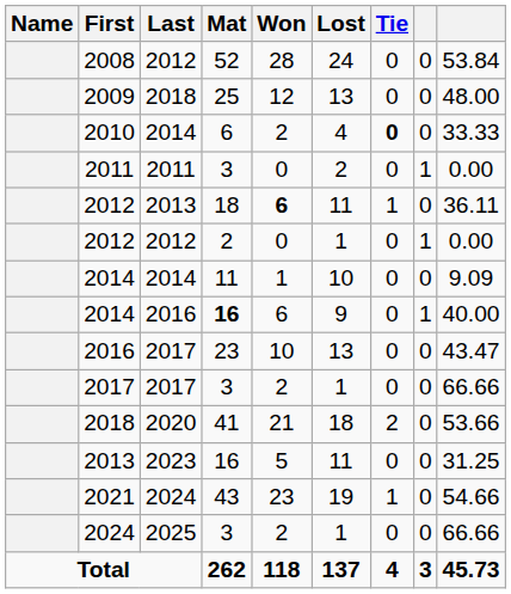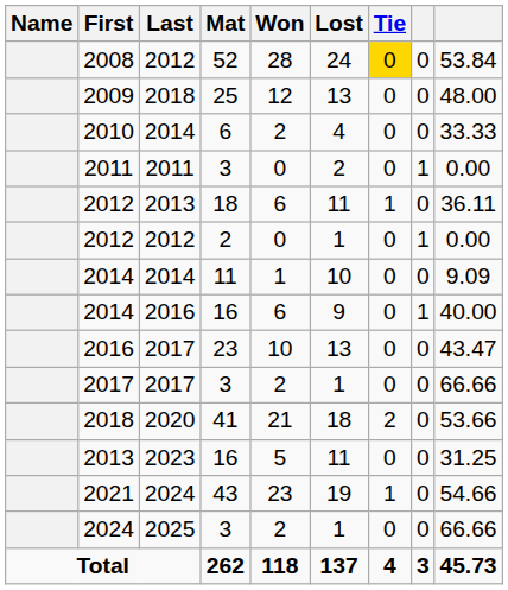 <table class="wikitable plainrowheaders sortable">
 <tr>
 <th scope="col">Name</th>
 <th scope="col">First</th>
 <th scope="col">Last</th>
 <th scope="col">Mat</th>
 <th scope="col">Won</th>
 <th scope="col">Lost</th>
 <th scope="col"><a href='#'>Tie</a></th>
 <th scope="col"><a href='#'></a></th>
 <th scope="col"></th>
 </tr>
 <tr align=center>
 <th scope="row"></th>
 <td>2008</td>
 <td>2012</td>
 <td>52</td>
 <td>28</td>
 <td>24</td>
-<td>0</td>
+<td style="background: gold;">0</td>
 <td>0</td>
 <td>53.84</td>
 </tr>
 <tr align=center>
 <th scope="row"></th>
 <td>2009</td>
 <td>2018</td>
 <td>25</td>
 <td>12</td>
 <td>13</td>
 <td>0</td>
 <td>0</td>
 <td>48.00</td>
 </tr>
 <tr align=center>
 <th scope="row"></th>
 <td>2010</td>
 <td>2014</td>
 <td>6</td>
 <td>2</td>
 <td>4</td>
-<td><strong>0</strong></td>
+<td>0</td>
 <td>0</td>
 <td>33.33</td>
 </tr>
 <tr align=center>
 <th scope="row"></th>
 <td>2011</td>
 <td>2011</td>
 <td>3</td>
 <td>0</td>
 <td>2</td>
 <td>0</td>
 <td>1</td>
 <td>0.00</td>
 </tr>
 <tr align=center>
 <th scope="row"></th>
 <td>2012</td>
 <td>2013</td>
 <td>18</td>
-<td><strong>6</strong></td>
+<td>6</td>
 <td>11</td>
 <td>1</td>
 <td>0</td>
 <td>36.11</td>
 </tr>
 <tr align=center>
 <th scope="row"></th>
 <td>2012</td>
 <td>2012</td>
 <td>2</td>
 <td>0</td>
 <td>1</td>
 <td>0</td>
 <td>1</td>
 <td>0.00</td>
 </tr>
 <tr align=center>
 <th scope="row"></th>
 <td>2014</td>
 <td>2014</td>
 <td>11</td>
 <td>1</td>
 <td>10</td>
 <td>0</td>
 <td>0</td>
 <td>9.09</td>
 </tr>
 <tr align=center>
 <th scope="row"></th>
 <td>2014</td>
 <td>2016</td>
-<td><strong>16</strong></td>
+<td>16</td>
 <td>6</td>
 <td>9</td>
 <td>0</td>
 <td>1</td>
 <td>40.00</td>
 </tr>
 <tr align=center>
 <th scope="row"></th>
 <td>2016</td>
 <td>2017</td>
 <td>23</td>
 <td>10</td>
 <td>13</td>
 <td>0</td>
 <td>0</td>
 <td>43.47</td>
 </tr>
 <tr align=center>
 <th scope="row"></th>
 <td>2017</td>
 <td>2017</td>
 <td>3</td>
 <td>2</td>
 <td>1</td>
 <td>0</td>
 <td>0</td>
 <td>66.66</td>
 </tr>
 <tr align=center>
 <th scope="row"></th>
 <td>2018</td>
 <td>2020</td>
 <td>41</td>
 <td>21</td>
 <td>18</td>
 <td>2</td>
 <td>0</td>
 <td>53.66</td>
 </tr>
 <tr align=center>
 <th scope="row"></th>
 <td>2013</td>
 <td>2023</td>
 <td>16</td>
 <td>5</td>
 <td>11</td>
 <td>0</td>
 <td>0</td>
 <td>31.25</td>
 </tr>
 <tr align=center>
 <th scope="row"></th>
 <td>2021</td>
 <td>2024</td>
 <td>43</td>
 <td>23</td>
 <td>19</td>
 <td>1</td>
 <td>0</td>
 <td>54.66</td>
 </tr>
 <tr align=center>
 <th scope="row"></th>
 <td>2024</td>
 <td>2025</td>
 <td>3</td>
 <td>2</td>
 <td>1</td>
 <td>0</td>
 <td>0</td>
 <td>66.66</td>
 </tr>
 <tr class="sortbottom" style="text-align:center;">
 <td colspan=3><strong>Total</strong></td>
 <td><strong>262</strong></td>
 <td><strong>118</strong></td>
 <td><strong>137</strong></td>
 <td><strong>4</strong></td>
 <td><strong>3</strong></td>
 <td><strong>45.73</strong></td>
 </tr>
 </table>
